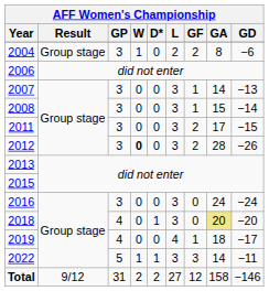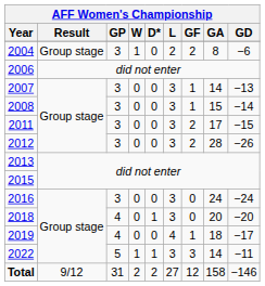 <table class="wikitable" style="text-align: center;font-size:89%;">
 <tr>
 <th colspan=10><a href='#'>AFF Women's Championship</a></th>
 </tr>
 <tr>
 <th>Year</th>
 <th>Result</th>
 <th>GP</th>
 <th>W</th>
 <th>D*</th>
 <th>L</th>
 <th>GF</th>
 <th>GA</th>
 <th>GD</th>
 </tr>
 <tr>
 </tr>
 <tr>
 <td> <a href='#'>2004</a></td>
 <td>Group stage</td>
 <td>3</td>
 <td>1</td>
 <td>0</td>
 <td>2</td>
 <td>2</td>
 <td>8</td>
 <td>−6</td>
 </tr>
 <tr>
 <td> <a href='#'>2006</a></td>
 <td colspan=8><em>did not enter</em></td>
 </tr>
 <tr>
 <td> <a href='#'>2007</a></td>
 <td rowspan=4>Group stage</td>
 <td>3</td>
 <td>0</td>
 <td>0</td>
 <td>3</td>
 <td>1</td>
 <td>14</td>
 <td>−13</td>
 </tr>
 <tr>
 <td> <a href='#'>2008</a></td>
 <td>3</td>
 <td>0</td>
 <td>0</td>
 <td>3</td>
 <td>1</td>
 <td>15</td>
 <td>−14</td>
 </tr>
 <tr>
 <td> <a href='#'>2011</a></td>
 <td>3</td>
 <td>0</td>
 <td>0</td>
 <td>3</td>
 <td>2</td>
 <td>17</td>
 <td>−15</td>
 </tr>
 <tr>
 <td> <a href='#'>2012</a></td>
 <td>3</td>
-<td><strong>0</strong></td>
+<td>0</td>
 <td>0</td>
 <td>3</td>
 <td>2</td>
 <td>28</td>
 <td>−26</td>
 </tr>
 <tr>
 <td> <a href='#'>2013</a></td>
 <td rowspan=2 colspan=8><em>did not enter</em></td>
 </tr>
 <tr>
 <td> <a href='#'>2015</a></td>
 </tr>
 <tr>
 <td> <a href='#'>2016</a></td>
 <td rowspan=4>Group stage</td>
 <td>3</td>
 <td>0</td>
 <td>0</td>
 <td>3</td>
 <td>0</td>
 <td>24</td>
 <td>−24</td>
 </tr>
 <tr>
 <td> <a href='#'>2018</a></td>
 <td>4</td>
 <td>0</td>
 <td>1</td>
 <td>3</td>
 <td>0</td>
-<td style="background: khaki;">20</td>
+<td>20</td>
 <td>−20</td>
 </tr>
 <tr>
 <td> <a href='#'>2019</a></td>
 <td>4</td>
 <td>0</td>
 <td>0</td>
 <td>4</td>
 <td>1</td>
 <td>18</td>
 <td>−17</td>
 </tr>
 <tr>
 <td> <a href='#'>2022</a></td>
 <td>5</td>
 <td>1</td>
 <td>1</td>
 <td>3</td>
 <td>3</td>
 <td>14</td>
 <td>−11</td>
 </tr>
 <tr>
 <td><strong>Total</strong></td>
 <td>9/12</td>
 <td>31</td>
 <td>2</td>
 <td>2</td>
 <td>27</td>
 <td>12</td>
 <td>158</td>
 <td>−146</td>
 </tr>
 </table>
